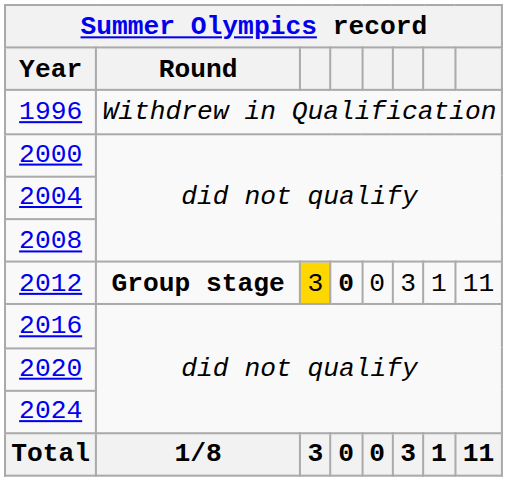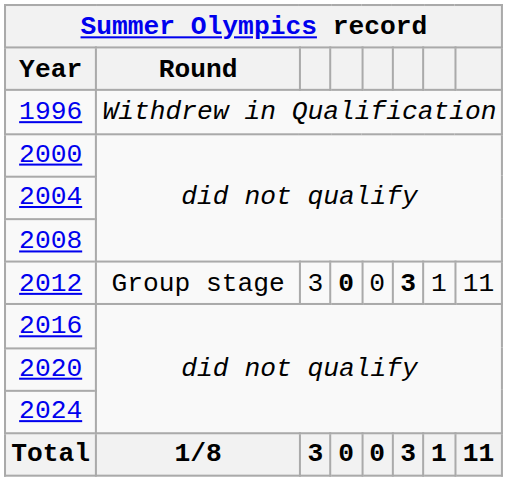 <table class="wikitable" style="text-align: center;">
 <tr>
 <th colspan=8><a href='#'>Summer Olympics</a> record</th>
 </tr>
 <tr>
 <th>Year</th>
 <th>Round</th>
 <th></th>
 <th></th>
 <th></th>
 <th></th>
 <th></th>
 <th></th>
 </tr>
 <tr>
 <td> <a href='#'>1996</a></td>
 <td colspan=8><em>Withdrew in Qualification</em></td>
 </tr>
 <tr>
 <td> <a href='#'>2000</a></td>
 <td rowspan=3 colspan=8><em>did not qualify</em></td>
 </tr>
 <tr>
 <td> <a href='#'>2004</a></td>
 </tr>
 <tr>
 <td> <a href='#'>2008</a></td>
 </tr>
 <tr>
 <td> <a href='#'>2012</a></td>
-<td><strong>Group stage</strong></td>
-<td style="background: gold;">3</td>
+<td>Group stage</td>
+<td>3</td>
 <td><strong>0</strong></td>
 <td>0</td>
-<td>3</td>
+<td><strong>3</strong></td>
 <td>1</td>
 <td>11</td>
 </tr>
 <tr>
 <td> <a href='#'>2016</a></td>
 <td rowspan=3 colspan=8><em>did not qualify</em></td>
 </tr>
 <tr>
 <td> <a href='#'>2020</a></td>
 </tr>
 <tr>
 <td> <a href='#'>2024</a></td>
 </tr>
 <tr>
 <th>Total</th>
 <th>1/8</th>
 <th>3</th>
 <th>0</th>
 <th>0</th>
 <th>3</th>
 <th>1</th>
 <th>11</th>
 </tr>
 </table>
